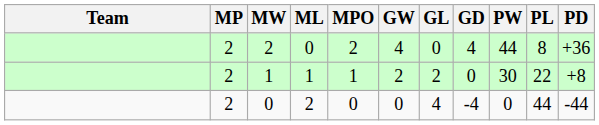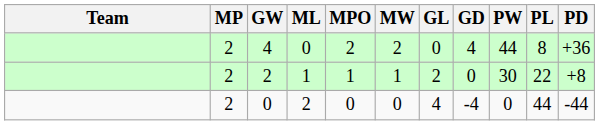 <table class=wikitable style="text-align:center">
 <tr>
 <th width=175>Team</th>
 <th width=20>MP</th>
-<th width=20>MW</th>
+<th width=20>GW</th>
 <th width=20>ML</th>
 <th width=20>MPO</th>
-<th width=20>GW</th>
+<th width=20>MW</th>
 <th width=20>GL</th>
 <th width=20>GD</th>
 <th width=20>PW</th>
 <th width=20>PL</th>
 <th width=20>PD</th>
 </tr>
 <tr style="background:#cfc;">
 <td align=left><strong><br></strong></td>
 <td>2</td>
-<td>2</td>
+<td>4</td>
 <td>0</td>
 <td>2</td>
-<td>4</td>
+<td>2</td>
 <td>0</td>
 <td>4</td>
 <td>44</td>
 <td>8</td>
 <td>+36</td>
 </tr>
 <tr style="background:#cfc;">
 <td align=left><strong><br></strong></td>
 <td>2</td>
+<td>2</td>
 <td>1</td>
 <td>1</td>
 <td>1</td>
-<td>2</td>
 <td>2</td>
 <td>0</td>
 <td>30</td>
 <td>22</td>
 <td>+8</td>
 </tr>
 <tr>
 <td align=left><br></td>
 <td>2</td>
 <td>0</td>
 <td>2</td>
 <td>0</td>
 <td>0</td>
 <td>4</td>
 <td>-4</td>
 <td>0</td>
 <td>44</td>
 <td>-44</td>
 </tr>
 </table>
